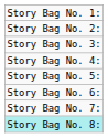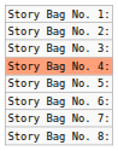 <table class="wikitable">
 <tr>
 <td>Story Bag No. 1: </td>
 </tr>
 <tr>
 <td>Story Bag No. 2: </td>
 </tr>
 <tr>
 <td>Story Bag No. 3: </td>
 </tr>
 <tr>
-<td>Story Bag No. 4: </td>
+<td style="background: lightsalmon;">Story Bag No. 4: </td>
 </tr>
 <tr>
 <td>Story Bag No. 5: </td>
 </tr>
 <tr>
 <td>Story Bag No. 6: </td>
 </tr>
 <tr>
 <td>Story Bag No. 7: </td>
 </tr>
 <tr>
-<td style="background: paleturquoise;">Story Bag No. 8: </td>
+<td>Story Bag No. 8: </td>
 </tr>
 </table>
